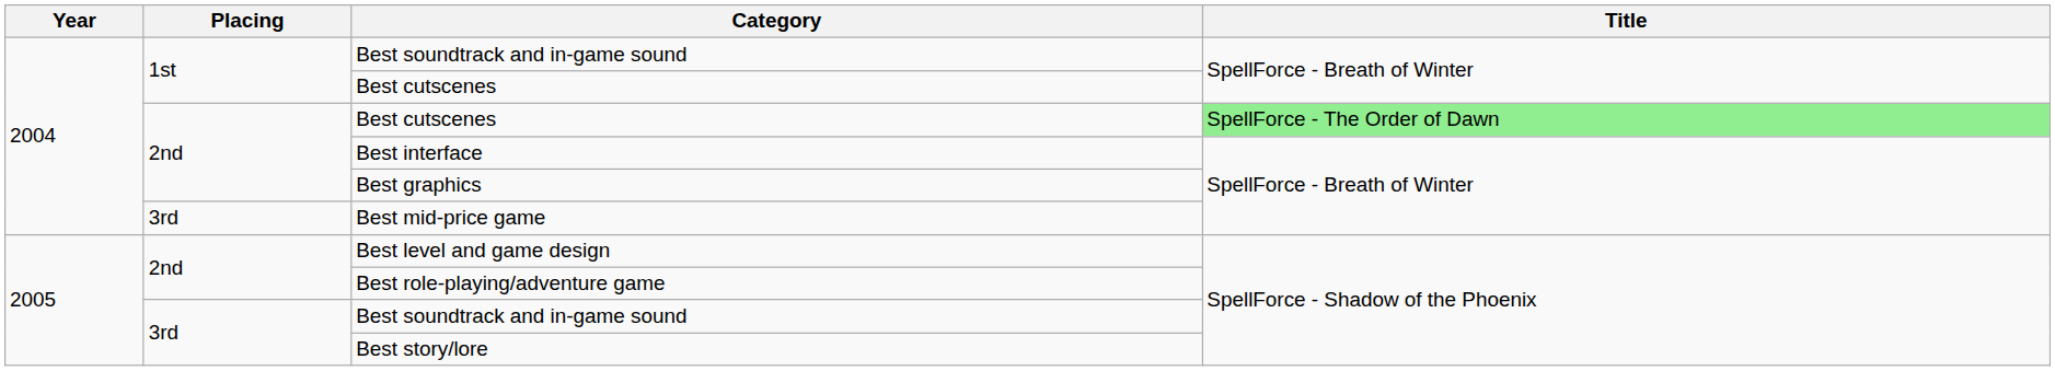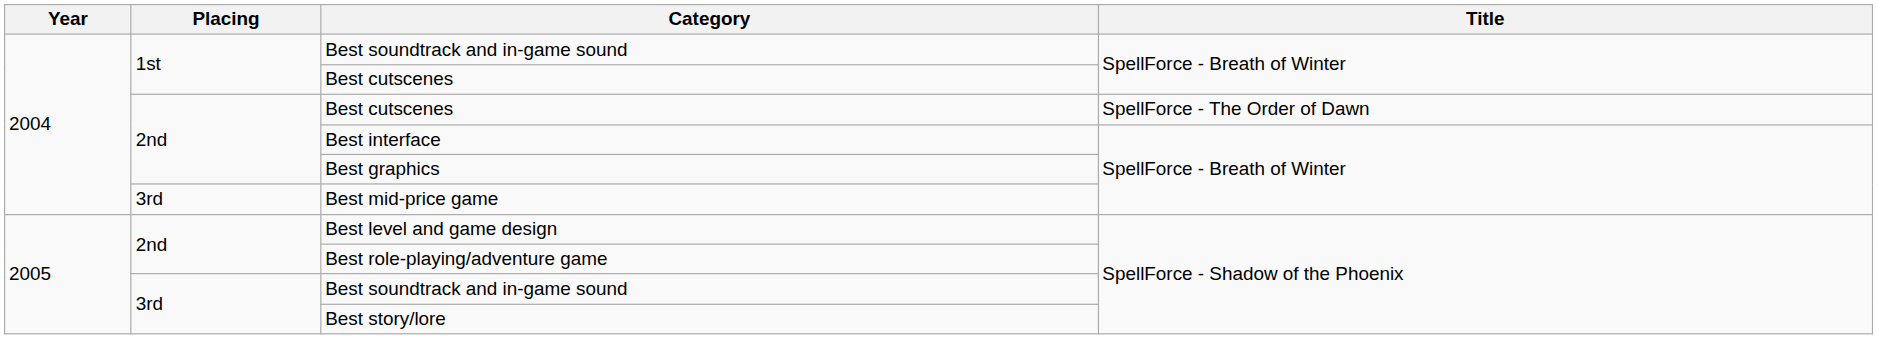 <table class="wikitable sortable" style="width: 100%">
 <tr>
 <th>Year</th>
 <th>Placing</th>
 <th>Category</th>
 <th>Title</th>
 </tr>
 <tr>
 <td rowspan="6">2004</td>
 <td rowspan="2">1st</td>
 <td>Best soundtrack and in-game sound</td>
 <td rowspan="2">SpellForce - Breath of Winter</td>
 </tr>
 <tr>
 <td>Best cutscenes</td>
 </tr>
 <tr>
 <td rowspan="3">2nd</td>
 <td>Best cutscenes</td>
-<td style="background: lightgreen;">SpellForce - The Order of Dawn</td>
+<td>SpellForce - The Order of Dawn</td>
 </tr>
 <tr>
 <td>Best interface</td>
 <td rowspan="3">SpellForce - Breath of Winter</td>
 </tr>
 <tr>
 <td>Best graphics</td>
 </tr>
 <tr>
 <td>3rd</td>
 <td>Best mid-price game</td>
 </tr>
 <tr>
 <td rowspan="4">2005</td>
 <td rowspan="2">2nd</td>
 <td>Best level and game design</td>
 <td rowspan="4">SpellForce - Shadow of the Phoenix</td>
 </tr>
 <tr>
 <td>Best role-playing/adventure game</td>
 </tr>
 <tr>
 <td rowspan="2">3rd</td>
 <td>Best soundtrack and in-game sound</td>
 </tr>
 <tr>
 <td>Best story/lore</td>
 </tr>
 </table>
